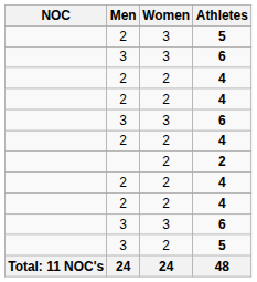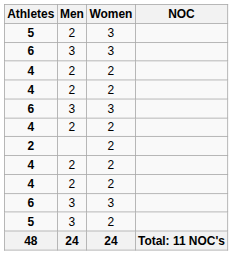 <table class="wikitable sortable" style="text-align:center; font-size:90%">
 <tr>
-<th>NOC</th>
+<th width=55>Athletes</th>
 <th>Men</th>
 <th>Women</th>
-<th width=55>Athletes</th>
+<th>NOC</th>
 </tr>
 <tr>
-<td align=left></td>
+<td><strong>5</strong></td>
 <td>2</td>
 <td>3</td>
-<td><strong>5</strong></td>
+<td align=left></td>
 </tr>
 <tr>
-<td align=left></td>
+<td><strong>6</strong></td>
 <td>3</td>
 <td>3</td>
-<td><strong>6</strong></td>
+<td align=left></td>
 </tr>
 <tr>
-<td align=left></td>
+<td><strong>4</strong></td>
 <td>2</td>
 <td>2</td>
-<td><strong>4</strong></td>
+<td align=left></td>
 </tr>
 <tr>
-<td align=left></td>
+<td><strong>4</strong></td>
 <td>2</td>
 <td>2</td>
-<td><strong>4</strong></td>
+<td align=left></td>
 </tr>
 <tr>
-<td align=left></td>
+<td><strong>6</strong></td>
 <td>3</td>
 <td>3</td>
-<td><strong>6</strong></td>
+<td align=left></td>
 </tr>
 <tr>
-<td align=left></td>
+<td><strong>4</strong></td>
 <td>2</td>
 <td>2</td>
-<td><strong>4</strong></td>
+<td align=left></td>
 </tr>
 <tr>
-<td align=left></td>
+<td><strong>2</strong></td>
 <td></td>
 <td>2</td>
-<td><strong>2</strong></td>
+<td align=left></td>
 </tr>
 <tr>
-<td align=left></td>
+<td><strong>4</strong></td>
 <td>2</td>
 <td>2</td>
-<td><strong>4</strong></td>
+<td align=left></td>
 </tr>
 <tr>
-<td align=left></td>
+<td><strong>4</strong></td>
 <td>2</td>
 <td>2</td>
-<td><strong>4</strong></td>
+<td align=left></td>
 </tr>
 <tr>
-<td align=left></td>
+<td><strong>6</strong></td>
 <td>3</td>
 <td>3</td>
-<td><strong>6</strong></td>
+<td align=left></td>
 </tr>
 <tr>
-<td align=left></td>
+<td><strong>5</strong></td>
 <td>3</td>
 <td>2</td>
-<td><strong>5</strong></td>
+<td align=left></td>
 </tr>
 <tr>
-<th>Total: 11 NOC's</th>
+<th>48</th>
 <th>24</th>
 <th>24</th>
-<th>48</th>
+<th>Total: 11 NOC's</th>
 </tr>
 </table>
